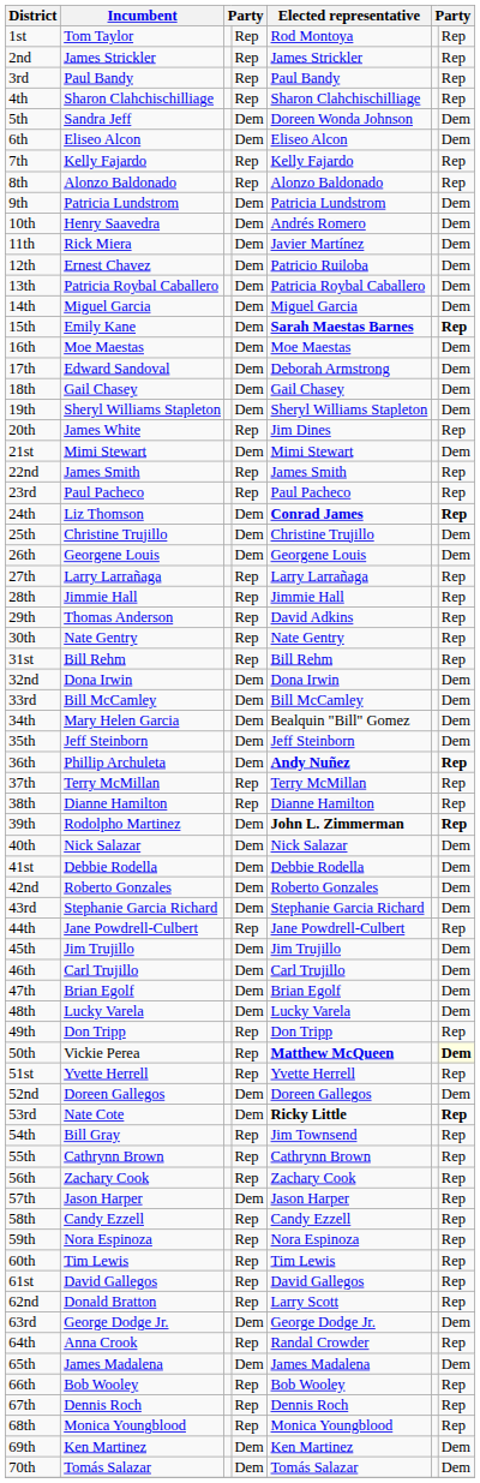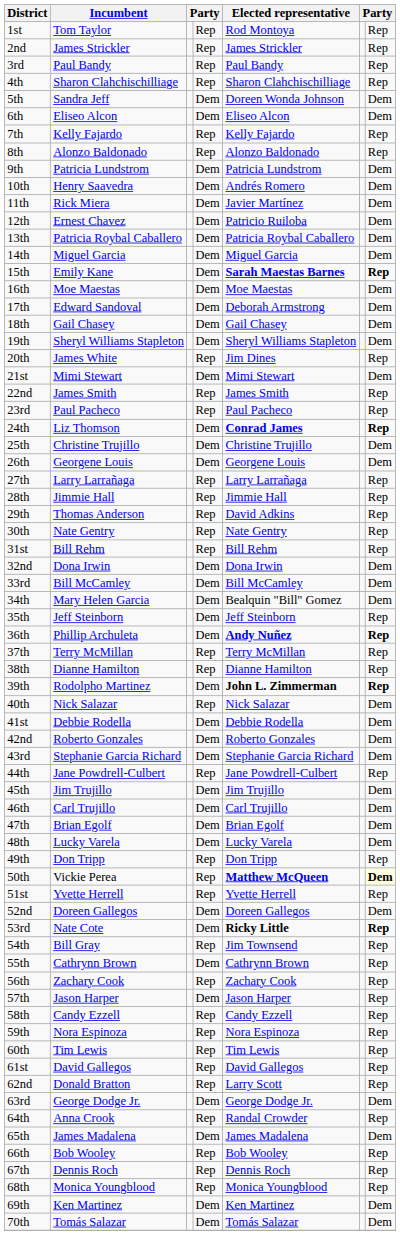 <table class=wikitable style="font-size:95%;line-height:14px;">
 <tr>
 <th>District</th>
 <th><a href='#'>Incumbent</a></th>
 <th colspan=2>Party</th>
 <th>Elected representative</th>
 <th colspan=2>Party</th>
 </tr>
 <tr>
 <td>1st</td>
 <td><a href='#'>Tom Taylor</a></td>
 <td style="background:"></td>
 <td>Rep</td>
 <td><a href='#'>Rod Montoya</a></td>
 <td style="background:"></td>
 <td>Rep</td>
 </tr>
 <tr>
 <td>2nd</td>
 <td><a href='#'>James Strickler</a></td>
 <td style="background:"></td>
 <td>Rep</td>
 <td><a href='#'>James Strickler</a></td>
 <td style="background:"></td>
 <td>Rep</td>
 </tr>
 <tr>
 <td>3rd</td>
 <td><a href='#'>Paul Bandy</a></td>
 <td style="background:"></td>
 <td>Rep</td>
 <td><a href='#'>Paul Bandy</a></td>
 <td style="background:"></td>
 <td>Rep</td>
 </tr>
 <tr>
 <td>4th</td>
 <td><a href='#'>Sharon Clahchischilliage</a></td>
 <td style="background:"></td>
 <td>Rep</td>
 <td><a href='#'>Sharon Clahchischilliage</a></td>
 <td style="background:"></td>
 <td>Rep</td>
 </tr>
 <tr>
 <td>5th</td>
 <td><a href='#'>Sandra Jeff</a></td>
 <td style="background:"></td>
 <td>Dem</td>
 <td><a href='#'>Doreen Wonda Johnson</a></td>
 <td style="background:"></td>
 <td>Dem</td>
 </tr>
 <tr>
 <td>6th</td>
 <td><a href='#'>Eliseo Alcon</a></td>
 <td style="background:"></td>
 <td>Dem</td>
 <td><a href='#'>Eliseo Alcon</a></td>
 <td style="background:"></td>
 <td>Dem</td>
 </tr>
 <tr>
 <td>7th</td>
 <td><a href='#'>Kelly Fajardo</a></td>
 <td style="background:"></td>
 <td>Rep</td>
 <td><a href='#'>Kelly Fajardo</a></td>
 <td style="background:"></td>
 <td>Rep</td>
 </tr>
 <tr>
 <td>8th</td>
 <td><a href='#'>Alonzo Baldonado</a></td>
 <td style="background:"></td>
 <td>Rep</td>
 <td><a href='#'>Alonzo Baldonado</a></td>
 <td style="background:"></td>
 <td>Rep</td>
 </tr>
 <tr>
 <td>9th</td>
 <td><a href='#'>Patricia Lundstrom</a></td>
 <td style="background:"></td>
 <td>Dem</td>
 <td><a href='#'>Patricia Lundstrom</a></td>
 <td style="background:"></td>
 <td>Dem</td>
 </tr>
 <tr>
 <td>10th</td>
 <td><a href='#'>Henry Saavedra</a></td>
 <td style="background:"></td>
 <td>Dem</td>
 <td><a href='#'>Andrés Romero</a></td>
 <td style="background:"></td>
 <td>Dem</td>
 </tr>
 <tr>
 <td>11th</td>
 <td><a href='#'>Rick Miera</a></td>
 <td style="background:"></td>
 <td>Dem</td>
 <td><a href='#'>Javier Martínez</a></td>
 <td style="background:"></td>
 <td>Dem</td>
 </tr>
 <tr>
 <td>12th</td>
 <td><a href='#'>Ernest Chavez</a></td>
 <td style="background:"></td>
 <td>Dem</td>
 <td><a href='#'>Patricio Ruiloba</a></td>
 <td style="background:"></td>
 <td>Dem</td>
 </tr>
 <tr>
 <td>13th</td>
 <td><a href='#'>Patricia Roybal Caballero</a></td>
 <td style="background:"></td>
 <td>Dem</td>
 <td><a href='#'>Patricia Roybal Caballero</a></td>
 <td style="background:"></td>
 <td>Dem</td>
 </tr>
 <tr>
 <td>14th</td>
 <td><a href='#'>Miguel Garcia</a></td>
 <td style="background:"></td>
 <td>Dem</td>
 <td><a href='#'>Miguel Garcia</a></td>
 <td style="background:"></td>
 <td>Dem</td>
 </tr>
 <tr>
 <td>15th</td>
 <td><a href='#'>Emily Kane</a></td>
 <td style="background:"></td>
 <td>Dem</td>
 <td><strong><a href='#'>Sarah Maestas Barnes</a></strong></td>
 <td style="background:"></td>
 <td><strong>Rep</strong></td>
 </tr>
 <tr>
 <td>16th</td>
 <td><a href='#'>Moe Maestas</a></td>
 <td style="background:"></td>
 <td>Dem</td>
 <td><a href='#'>Moe Maestas</a></td>
 <td style="background:"></td>
 <td>Dem</td>
 </tr>
 <tr>
 <td>17th</td>
 <td><a href='#'>Edward Sandoval</a></td>
 <td style="background:"></td>
 <td>Dem</td>
 <td><a href='#'>Deborah Armstrong</a></td>
 <td style="background:"></td>
 <td>Dem</td>
 </tr>
 <tr>
 <td>18th</td>
 <td><a href='#'>Gail Chasey</a></td>
 <td style="background:"></td>
 <td>Dem</td>
 <td><a href='#'>Gail Chasey</a></td>
 <td style="background:"></td>
 <td>Dem</td>
 </tr>
 <tr>
 <td>19th</td>
 <td><a href='#'>Sheryl Williams Stapleton</a></td>
 <td style="background:"></td>
 <td>Dem</td>
 <td><a href='#'>Sheryl Williams Stapleton</a></td>
 <td style="background:"></td>
 <td>Dem</td>
 </tr>
 <tr>
 <td>20th</td>
 <td><a href='#'>James White</a></td>
 <td style="background:"></td>
 <td>Rep</td>
 <td><a href='#'>Jim Dines</a></td>
 <td style="background:"></td>
 <td>Rep</td>
 </tr>
 <tr>
 <td>21st</td>
 <td><a href='#'>Mimi Stewart</a></td>
 <td style="background:"></td>
 <td>Dem</td>
 <td><a href='#'>Mimi Stewart</a></td>
 <td style="background:"></td>
 <td>Dem</td>
 </tr>
 <tr>
 <td>22nd</td>
 <td><a href='#'>James Smith</a></td>
 <td style="background:"></td>
 <td>Rep</td>
 <td><a href='#'>James Smith</a></td>
 <td style="background:"></td>
 <td>Rep</td>
 </tr>
 <tr>
 <td>23rd</td>
 <td><a href='#'>Paul Pacheco</a></td>
 <td style="background:"></td>
 <td>Rep</td>
 <td><a href='#'>Paul Pacheco</a></td>
 <td style="background:"></td>
 <td>Rep</td>
 </tr>
 <tr>
 <td>24th</td>
 <td><a href='#'>Liz Thomson</a></td>
 <td style="background:"></td>
 <td>Dem</td>
 <td><strong><a href='#'>Conrad James</a></strong></td>
 <td style="background:"></td>
 <td><strong>Rep</strong></td>
 </tr>
 <tr>
 <td>25th</td>
 <td><a href='#'>Christine Trujillo</a></td>
 <td style="background:"></td>
 <td>Dem</td>
 <td><a href='#'>Christine Trujillo</a></td>
 <td style="background:"></td>
 <td>Dem</td>
 </tr>
 <tr>
 <td>26th</td>
 <td><a href='#'>Georgene Louis</a></td>
 <td style="background:"></td>
 <td>Dem</td>
 <td><a href='#'>Georgene Louis</a></td>
 <td style="background:"></td>
 <td>Dem</td>
 </tr>
 <tr>
 <td>27th</td>
 <td><a href='#'>Larry Larrañaga</a></td>
 <td style="background:"></td>
 <td>Rep</td>
 <td><a href='#'>Larry Larrañaga</a></td>
 <td style="background:"></td>
 <td>Rep</td>
 </tr>
 <tr>
 <td>28th</td>
 <td><a href='#'>Jimmie Hall</a></td>
 <td style="background:"></td>
 <td>Rep</td>
 <td><a href='#'>Jimmie Hall</a></td>
 <td style="background:"></td>
 <td>Rep</td>
 </tr>
 <tr>
 <td>29th</td>
 <td><a href='#'>Thomas Anderson</a></td>
 <td style="background:"></td>
 <td>Rep</td>
 <td><a href='#'>David Adkins</a></td>
 <td style="background:"></td>
 <td>Rep</td>
 </tr>
 <tr>
 <td>30th</td>
 <td><a href='#'>Nate Gentry</a></td>
 <td style="background:"></td>
 <td>Rep</td>
 <td><a href='#'>Nate Gentry</a></td>
 <td style="background:"></td>
 <td>Rep</td>
 </tr>
 <tr>
 <td>31st</td>
 <td><a href='#'>Bill Rehm</a></td>
 <td style="background:"></td>
 <td>Rep</td>
 <td><a href='#'>Bill Rehm</a></td>
 <td style="background:"></td>
 <td>Rep</td>
 </tr>
 <tr>
 <td>32nd</td>
 <td><a href='#'>Dona Irwin</a></td>
 <td style="background:"></td>
 <td>Dem</td>
 <td><a href='#'>Dona Irwin</a></td>
 <td style="background:"></td>
 <td>Dem</td>
 </tr>
 <tr>
 <td>33rd</td>
 <td><a href='#'>Bill McCamley</a></td>
 <td style="background:"></td>
 <td>Dem</td>
 <td><a href='#'>Bill McCamley</a></td>
 <td style="background:"></td>
 <td>Dem</td>
 </tr>
 <tr>
 <td>34th</td>
 <td><a href='#'>Mary Helen Garcia</a></td>
 <td style="background:"></td>
 <td>Dem</td>
 <td>Bealquin "Bill" Gomez</td>
 <td style="background:"></td>
 <td>Dem</td>
 </tr>
 <tr>
 <td>35th</td>
 <td><a href='#'>Jeff Steinborn</a></td>
 <td style="background:"></td>
 <td>Dem</td>
 <td><a href='#'>Jeff Steinborn</a></td>
 <td style="background:"></td>
-<td>Dem</td>
+<td>Rep</td>
 </tr>
 <tr>
 <td>36th</td>
 <td><a href='#'>Phillip Archuleta</a></td>
 <td style="background:"></td>
 <td>Dem</td>
 <td><strong><a href='#'>Andy Nuñez</a></strong></td>
 <td style="background:"></td>
 <td><strong>Rep</strong></td>
 </tr>
 <tr>
 <td>37th</td>
 <td><a href='#'>Terry McMillan</a></td>
 <td style="background:"></td>
 <td>Rep</td>
 <td><a href='#'>Terry McMillan</a></td>
 <td style="background:"></td>
 <td>Rep</td>
 </tr>
 <tr>
 <td>38th</td>
 <td><a href='#'>Dianne Hamilton</a></td>
 <td style="background:"></td>
 <td>Rep</td>
 <td><a href='#'>Dianne Hamilton</a></td>
 <td style="background:"></td>
 <td>Rep</td>
 </tr>
 <tr>
 <td>39th</td>
 <td><a href='#'>Rodolpho Martinez</a></td>
 <td style="background:"></td>
 <td>Dem</td>
 <td><strong>John L. Zimmerman</strong></td>
 <td style="background:"></td>
 <td><strong>Rep</strong></td>
 </tr>
 <tr>
 <td>40th</td>
 <td><a href='#'>Nick Salazar</a></td>
 <td style="background:"></td>
-<td>Dem</td>
+<td>Rep</td>
 <td><a href='#'>Nick Salazar</a></td>
 <td style="background:"></td>
 <td>Dem</td>
 </tr>
 <tr>
 <td>41st</td>
 <td><a href='#'>Debbie Rodella</a></td>
 <td style="background:"></td>
 <td>Dem</td>
 <td><a href='#'>Debbie Rodella</a></td>
 <td style="background:"></td>
 <td>Dem</td>
 </tr>
 <tr>
 <td>42nd</td>
 <td><a href='#'>Roberto Gonzales</a></td>
 <td style="background:"></td>
 <td>Dem</td>
 <td><a href='#'>Roberto Gonzales</a></td>
 <td style="background:"></td>
 <td>Dem</td>
 </tr>
 <tr>
 <td>43rd</td>
 <td><a href='#'>Stephanie Garcia Richard</a></td>
 <td style="background:"></td>
 <td>Dem</td>
 <td><a href='#'>Stephanie Garcia Richard</a></td>
 <td style="background:"></td>
 <td>Dem</td>
 </tr>
 <tr>
 <td>44th</td>
 <td><a href='#'>Jane Powdrell-Culbert</a></td>
 <td style="background:"></td>
 <td>Rep</td>
 <td><a href='#'>Jane Powdrell-Culbert</a></td>
 <td style="background:"></td>
 <td>Rep</td>
 </tr>
 <tr>
 <td>45th</td>
 <td><a href='#'>Jim Trujillo</a></td>
 <td style="background:"></td>
 <td>Dem</td>
 <td><a href='#'>Jim Trujillo</a></td>
 <td style="background:"></td>
 <td>Dem</td>
 </tr>
 <tr>
 <td>46th</td>
 <td><a href='#'>Carl Trujillo</a></td>
 <td style="background:"></td>
 <td>Dem</td>
 <td><a href='#'>Carl Trujillo</a></td>
 <td style="background:"></td>
 <td>Dem</td>
 </tr>
 <tr>
 <td>47th</td>
 <td><a href='#'>Brian Egolf</a></td>
 <td style="background:"></td>
 <td>Dem</td>
 <td><a href='#'>Brian Egolf</a></td>
 <td style="background:"></td>
 <td>Dem</td>
 </tr>
 <tr>
 <td>48th</td>
 <td><a href='#'>Lucky Varela</a></td>
 <td style="background:"></td>
 <td>Dem</td>
 <td><a href='#'>Lucky Varela</a></td>
 <td style="background:"></td>
 <td>Dem</td>
 </tr>
 <tr>
 <td>49th</td>
 <td><a href='#'>Don Tripp</a></td>
 <td style="background:"></td>
 <td>Rep</td>
 <td><a href='#'>Don Tripp</a></td>
 <td style="background:"></td>
 <td>Rep</td>
 </tr>
 <tr>
 <td>50th</td>
 <td>Vickie Perea</td>
 <td style="background:"></td>
 <td>Rep</td>
 <td><strong><a href='#'>Matthew McQueen</a></strong></td>
 <td style="background:"></td>
 <td style="background: lightyellow;"><strong>Dem</strong></td>
 </tr>
 <tr>
 <td>51st</td>
 <td><a href='#'>Yvette Herrell</a></td>
 <td style="background:"></td>
 <td>Rep</td>
 <td><a href='#'>Yvette Herrell</a></td>
 <td style="background:"></td>
 <td>Rep</td>
 </tr>
 <tr>
 <td>52nd</td>
 <td><a href='#'>Doreen Gallegos</a></td>
 <td style="background:"></td>
 <td>Dem</td>
 <td><a href='#'>Doreen Gallegos</a></td>
 <td style="background:"></td>
 <td>Dem</td>
 </tr>
 <tr>
 <td>53rd</td>
 <td><a href='#'>Nate Cote</a></td>
 <td style="background:"></td>
 <td>Dem</td>
 <td><strong>Ricky Little</strong></td>
 <td style="background:"></td>
 <td><strong>Rep</strong></td>
 </tr>
 <tr>
 <td>54th</td>
 <td><a href='#'>Bill Gray</a></td>
 <td style="background:"></td>
 <td>Rep</td>
 <td><a href='#'>Jim Townsend</a></td>
 <td style="background:"></td>
 <td>Rep</td>
 </tr>
 <tr>
 <td>55th</td>
 <td><a href='#'>Cathrynn Brown</a></td>
 <td style="background:"></td>
-<td>Rep</td>
+<td>Dem</td>
 <td><a href='#'>Cathrynn Brown</a></td>
 <td style="background:"></td>
 <td>Rep</td>
 </tr>
 <tr>
 <td>56th</td>
 <td><a href='#'>Zachary Cook</a></td>
 <td style="background:"></td>
 <td>Rep</td>
 <td><a href='#'>Zachary Cook</a></td>
 <td style="background:"></td>
 <td>Rep</td>
 </tr>
 <tr>
 <td>57th</td>
 <td><a href='#'>Jason Harper</a></td>
 <td style="background:"></td>
 <td>Dem</td>
 <td><a href='#'>Jason Harper</a></td>
 <td style="background:"></td>
 <td>Rep</td>
 </tr>
 <tr>
 <td>58th</td>
 <td><a href='#'>Candy Ezzell</a></td>
 <td style="background:"></td>
 <td>Rep</td>
 <td><a href='#'>Candy Ezzell</a></td>
 <td style="background:"></td>
 <td>Rep</td>
 </tr>
 <tr>
 <td>59th</td>
 <td><a href='#'>Nora Espinoza</a></td>
 <td style="background:"></td>
 <td>Rep</td>
 <td><a href='#'>Nora Espinoza</a></td>
 <td style="background:"></td>
 <td>Rep</td>
 </tr>
 <tr>
 <td>60th</td>
 <td><a href='#'>Tim Lewis</a></td>
 <td style="background:"></td>
 <td>Rep</td>
 <td><a href='#'>Tim Lewis</a></td>
 <td style="background:"></td>
 <td>Rep</td>
 </tr>
 <tr>
 <td>61st</td>
 <td><a href='#'>David Gallegos</a></td>
 <td style="background:"></td>
 <td>Rep</td>
 <td><a href='#'>David Gallegos</a></td>
 <td style="background:"></td>
 <td>Rep</td>
 </tr>
 <tr>
 <td>62nd</td>
 <td><a href='#'>Donald Bratton</a></td>
 <td style="background:"></td>
 <td>Rep</td>
 <td><a href='#'>Larry Scott</a></td>
 <td style="background:"></td>
 <td>Rep</td>
 </tr>
 <tr>
 <td>63rd</td>
 <td><a href='#'>George Dodge Jr.</a></td>
 <td style="background:"></td>
 <td>Dem</td>
 <td><a href='#'>George Dodge Jr.</a></td>
 <td style="background:"></td>
 <td>Dem</td>
 </tr>
 <tr>
 <td>64th</td>
 <td><a href='#'>Anna Crook</a></td>
 <td style="background:"></td>
 <td>Rep</td>
 <td><a href='#'>Randal Crowder</a></td>
 <td style="background:"></td>
 <td>Rep</td>
 </tr>
 <tr>
 <td>65th</td>
 <td><a href='#'>James Madalena</a></td>
 <td style="background:"></td>
 <td>Dem</td>
 <td><a href='#'>James Madalena</a></td>
 <td style="background:"></td>
 <td>Dem</td>
 </tr>
 <tr>
 <td>66th</td>
 <td><a href='#'>Bob Wooley</a></td>
 <td style="background:"></td>
 <td>Rep</td>
 <td><a href='#'>Bob Wooley</a></td>
 <td style="background:"></td>
 <td>Rep</td>
 </tr>
 <tr>
 <td>67th</td>
 <td><a href='#'>Dennis Roch</a></td>
 <td style="background:"></td>
 <td>Rep</td>
 <td><a href='#'>Dennis Roch</a></td>
 <td style="background:"></td>
 <td>Rep</td>
 </tr>
 <tr>
 <td>68th</td>
 <td><a href='#'>Monica Youngblood</a></td>
 <td style="background:"></td>
 <td>Rep</td>
 <td><a href='#'>Monica Youngblood</a></td>
 <td style="background:"></td>
 <td>Rep</td>
 </tr>
 <tr>
 <td>69th</td>
 <td><a href='#'>Ken Martinez</a></td>
 <td style="background:"></td>
 <td>Dem</td>
 <td><a href='#'>Ken Martinez</a></td>
 <td style="background:"></td>
 <td>Dem</td>
 </tr>
 <tr>
 <td>70th</td>
 <td><a href='#'>Tomás Salazar</a></td>
 <td style="background:"></td>
 <td>Dem</td>
 <td><a href='#'>Tomás Salazar</a></td>
 <td style="background:"></td>
 <td>Dem</td>
 </tr>
 <tr>
 </tr>
 </table>
